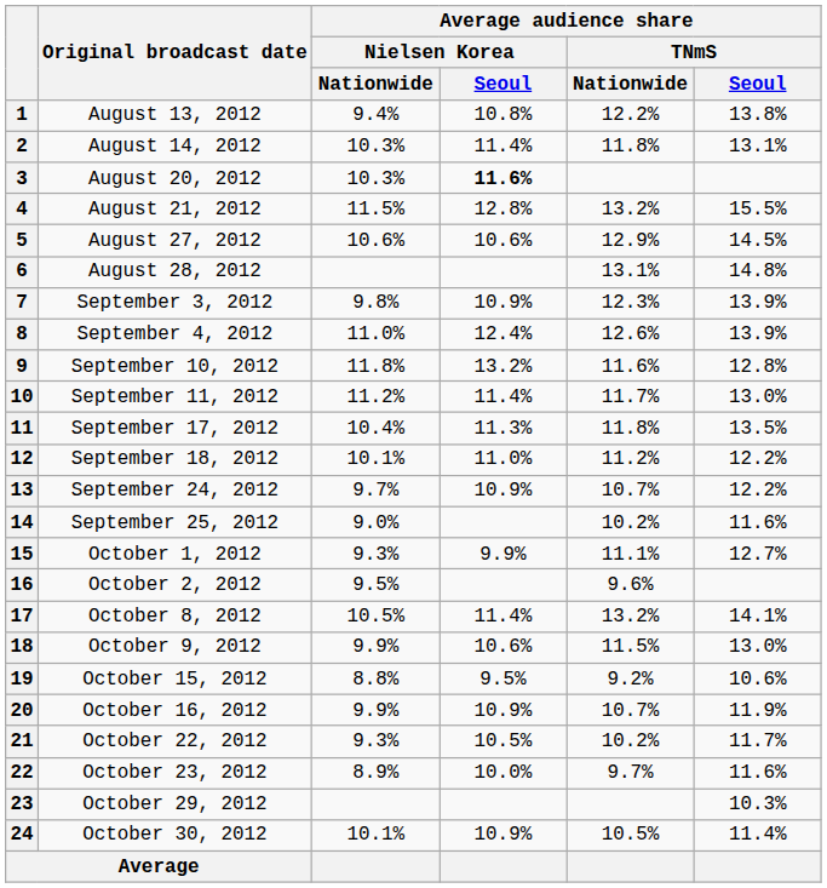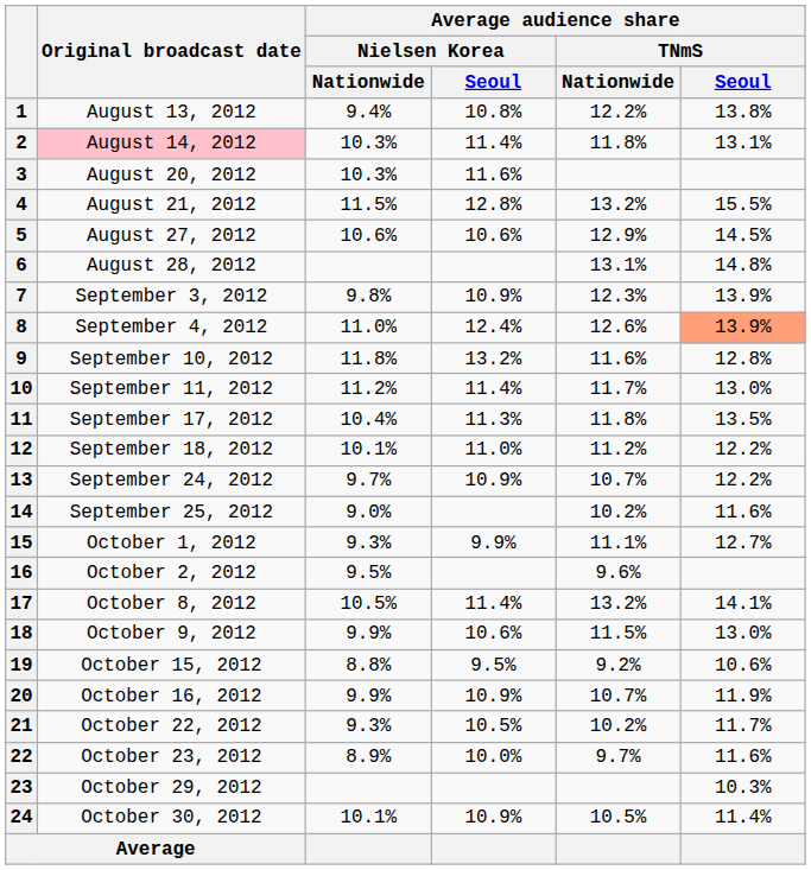 <table class=wikitable style="text-align:center">
 <tr>
 <th rowspan="3"></th>
 <th rowspan="3">Original broadcast date</th>
 <th colspan="4">Average audience share</th>
 </tr>
 <tr>
 <th colspan="2">Nielsen Korea</th>
 <th colspan="2">TNmS</th>
 </tr>
 <tr>
 <th width="80">Nationwide</th>
 <th width="80"><a href='#'>Seoul</a></th>
 <th width="80">Nationwide</th>
 <th width="80"><a href='#'>Seoul</a></th>
 </tr>
 <tr>
 <th>1</th>
 <td>August 13, 2012</td>
 <td>9.4%</td>
 <td>10.8%</td>
 <td>12.2%</td>
 <td>13.8%</td>
 </tr>
 <tr>
 <th>2</th>
-<td>August 14, 2012</td>
+<td style="background: pink;">August 14, 2012</td>
 <td>10.3%</td>
 <td>11.4%</td>
 <td>11.8%</td>
 <td>13.1%</td>
 </tr>
 <tr>
 <th>3</th>
 <td>August 20, 2012</td>
 <td>10.3%</td>
-<td><strong>11.6%</strong></td>
+<td>11.6%</td>
 <td><strong></strong></td>
 <td><strong></strong></td>
 </tr>
 <tr>
 <th>4</th>
 <td>August 21, 2012</td>
 <td>11.5%</td>
 <td>12.8%</td>
 <td>13.2%</td>
 <td>15.5%</td>
 </tr>
 <tr>
 <th>5</th>
 <td>August 27, 2012</td>
 <td>10.6%</td>
 <td>10.6%</td>
 <td>12.9%</td>
 <td>14.5%</td>
 </tr>
 <tr>
 <th>6</th>
 <td>August 28, 2012</td>
 <td><strong></strong></td>
 <td><strong></strong></td>
 <td>13.1%</td>
 <td>14.8%</td>
 </tr>
 <tr>
 <th>7</th>
 <td>September 3, 2012</td>
 <td>9.8%</td>
 <td>10.9%</td>
 <td>12.3%</td>
 <td>13.9%</td>
 </tr>
 <tr>
 <th>8</th>
 <td>September 4, 2012</td>
 <td>11.0%</td>
 <td>12.4%</td>
 <td>12.6%</td>
-<td>13.9%</td>
+<td style="background: lightsalmon;">13.9%</td>
 </tr>
 <tr>
 <th>9</th>
 <td>September 10, 2012</td>
 <td>11.8%</td>
 <td>13.2%</td>
 <td>11.6%</td>
 <td>12.8%</td>
 </tr>
 <tr>
 <th>10</th>
 <td>September 11, 2012</td>
 <td>11.2%</td>
 <td>11.4%</td>
 <td>11.7%</td>
 <td>13.0%</td>
 </tr>
 <tr>
 <th>11</th>
 <td>September 17, 2012</td>
 <td>10.4%</td>
 <td>11.3%</td>
 <td>11.8%</td>
 <td>13.5%</td>
 </tr>
 <tr>
 <th>12</th>
 <td>September 18, 2012</td>
 <td>10.1%</td>
 <td>11.0%</td>
 <td>11.2%</td>
 <td>12.2%</td>
 </tr>
 <tr>
 <th>13</th>
 <td>September 24, 2012</td>
 <td>9.7%</td>
 <td>10.9%</td>
 <td>10.7%</td>
 <td>12.2%</td>
 </tr>
 <tr>
 <th>14</th>
 <td>September 25, 2012</td>
 <td>9.0%</td>
 <td><strong></strong></td>
 <td>10.2%</td>
 <td>11.6%</td>
 </tr>
 <tr>
 <th>15</th>
 <td>October 1, 2012</td>
 <td>9.3%</td>
 <td>9.9%</td>
 <td>11.1%</td>
 <td>12.7%</td>
 </tr>
 <tr>
 <th>16</th>
 <td>October 2, 2012</td>
 <td>9.5%</td>
 <td><strong></strong></td>
 <td>9.6%</td>
 <td><strong></strong></td>
 </tr>
 <tr>
 <th>17</th>
 <td>October 8, 2012</td>
 <td>10.5%</td>
 <td>11.4%</td>
 <td>13.2%</td>
 <td>14.1%</td>
 </tr>
 <tr>
 <th>18</th>
 <td>October 9, 2012</td>
 <td>9.9%</td>
 <td>10.6%</td>
 <td>11.5%</td>
 <td>13.0%</td>
 </tr>
 <tr>
 <th>19</th>
 <td>October 15, 2012</td>
 <td>8.8%</td>
 <td>9.5%</td>
 <td>9.2%</td>
 <td>10.6%</td>
 </tr>
 <tr>
 <th>20</th>
 <td>October 16, 2012</td>
 <td>9.9%</td>
 <td>10.9%</td>
 <td>10.7%</td>
 <td>11.9%</td>
 </tr>
 <tr>
 <th>21</th>
 <td>October 22, 2012</td>
 <td>9.3%</td>
 <td>10.5%</td>
 <td>10.2%</td>
 <td>11.7%</td>
 </tr>
 <tr>
 <th>22</th>
 <td>October 23, 2012</td>
 <td>8.9%</td>
 <td>10.0%</td>
 <td>9.7%</td>
 <td>11.6%</td>
 </tr>
 <tr>
 <th>23</th>
 <td>October 29, 2012</td>
 <td><strong></strong></td>
 <td><strong></strong></td>
 <td><strong></strong></td>
 <td>10.3%</td>
 </tr>
 <tr>
 <th>24</th>
 <td>October 30, 2012</td>
 <td>10.1%</td>
 <td>10.9%</td>
 <td>10.5%</td>
 <td>11.4%</td>
 </tr>
 <tr>
 <th colspan="2">Average</th>
 <th></th>
 <th></th>
 <th></th>
 <th></th>
 </tr>
 </table>
